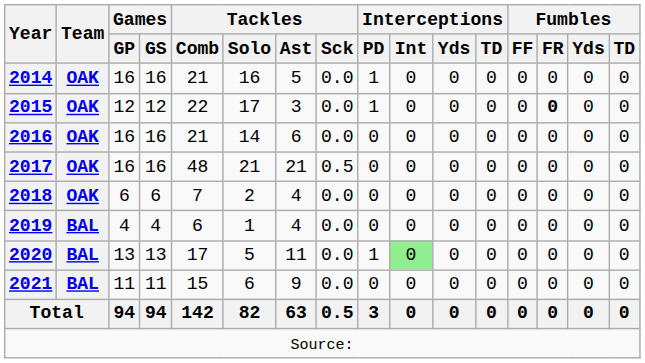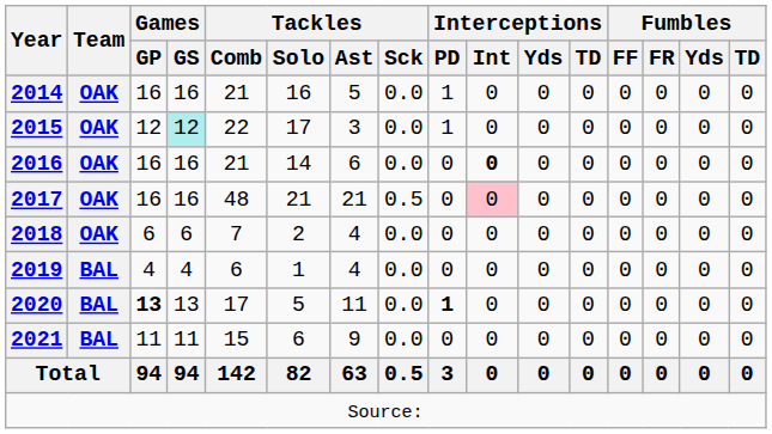 <table class=wikitable style="text-align:center;">
 <tr>
 <th rowspan="2">Year</th>
 <th rowspan="2">Team</th>
 <th colspan="2">Games</th>
 <th colspan="4">Tackles</th>
 <th colspan="4">Interceptions</th>
 <th colspan="4">Fumbles</th>
 </tr>
 <tr>
 <th>GP</th>
 <th>GS</th>
 <th>Comb</th>
 <th>Solo</th>
 <th>Ast</th>
 <th>Sck</th>
 <th>PD</th>
 <th>Int</th>
 <th>Yds</th>
 <th>TD</th>
 <th>FF</th>
 <th>FR</th>
 <th>Yds</th>
 <th>TD</th>
 </tr>
 <tr>
 <th><a href='#'>2014</a></th>
 <th><a href='#'>OAK</a></th>
 <td>16</td>
 <td>16</td>
 <td>21</td>
 <td>16</td>
 <td>5</td>
 <td>0.0</td>
 <td>1</td>
 <td>0</td>
 <td>0</td>
 <td>0</td>
 <td>0</td>
 <td>0</td>
 <td>0</td>
 <td>0</td>
 </tr>
 <tr>
 <th><a href='#'>2015</a></th>
 <th><a href='#'>OAK</a></th>
 <td>12</td>
-<td>12</td>
+<td style="background: paleturquoise;">12</td>
 <td>22</td>
 <td>17</td>
 <td>3</td>
 <td>0.0</td>
 <td>1</td>
 <td>0</td>
 <td>0</td>
 <td>0</td>
 <td>0</td>
-<td><strong>0</strong></td>
+<td>0</td>
 <td>0</td>
 <td>0</td>
 </tr>
 <tr>
 <th><a href='#'>2016</a></th>
 <th><a href='#'>OAK</a></th>
 <td>16</td>
 <td>16</td>
 <td>21</td>
 <td>14</td>
 <td>6</td>
 <td>0.0</td>
 <td>0</td>
-<td>0</td>
+<td><strong>0</strong></td>
 <td>0</td>
 <td>0</td>
 <td>0</td>
 <td>0</td>
 <td>0</td>
 <td>0</td>
 </tr>
 <tr>
 <th><a href='#'>2017</a></th>
 <th><a href='#'>OAK</a></th>
 <td>16</td>
 <td>16</td>
 <td>48</td>
 <td>21</td>
 <td>21</td>
 <td>0.5</td>
 <td>0</td>
-<td>0</td>
+<td style="background: pink;">0</td>
 <td>0</td>
 <td>0</td>
 <td>0</td>
 <td>0</td>
 <td>0</td>
 <td>0</td>
 </tr>
 <tr>
 <th><a href='#'>2018</a></th>
 <th><a href='#'>OAK</a></th>
 <td>6</td>
 <td>6</td>
 <td>7</td>
 <td>2</td>
 <td>4</td>
 <td>0.0</td>
 <td>0</td>
 <td>0</td>
 <td>0</td>
 <td>0</td>
 <td>0</td>
 <td>0</td>
 <td>0</td>
 <td>0</td>
 </tr>
 <tr>
 <th><a href='#'>2019</a></th>
 <th><a href='#'>BAL</a></th>
 <td>4</td>
 <td>4</td>
 <td>6</td>
 <td>1</td>
 <td>4</td>
 <td>0.0</td>
 <td>0</td>
 <td>0</td>
 <td>0</td>
 <td>0</td>
 <td>0</td>
 <td>0</td>
 <td>0</td>
 <td>0</td>
 </tr>
 <tr>
 <th><a href='#'>2020</a></th>
 <th><a href='#'>BAL</a></th>
-<td>13</td>
+<td><strong>13</strong></td>
 <td>13</td>
 <td>17</td>
 <td>5</td>
 <td>11</td>
 <td>0.0</td>
-<td>1</td>
-<td style="background: lightgreen;">0</td>
+<td><strong>1</strong></td>
+<td>0</td>
 <td>0</td>
 <td>0</td>
 <td>0</td>
 <td>0</td>
 <td>0</td>
 <td>0</td>
 </tr>
 <tr>
 <th><a href='#'>2021</a></th>
 <th><a href='#'>BAL</a></th>
 <td>11</td>
 <td>11</td>
 <td>15</td>
 <td>6</td>
 <td>9</td>
 <td>0.0</td>
 <td>0</td>
 <td>0</td>
 <td>0</td>
 <td>0</td>
 <td>0</td>
 <td>0</td>
 <td>0</td>
 <td>0</td>
 </tr>
 <tr>
 <th colspan="2">Total</th>
 <th>94</th>
 <th>94</th>
 <th>142</th>
 <th>82</th>
 <th>63</th>
 <th>0.5</th>
 <th>3</th>
 <th>0</th>
 <th>0</th>
 <th>0</th>
 <th>0</th>
 <th>0</th>
 <th>0</th>
 <th>0</th>
 </tr>
 <tr>
 <td colspan="16"><small>Source: </small></td>
 </tr>
 </table>
